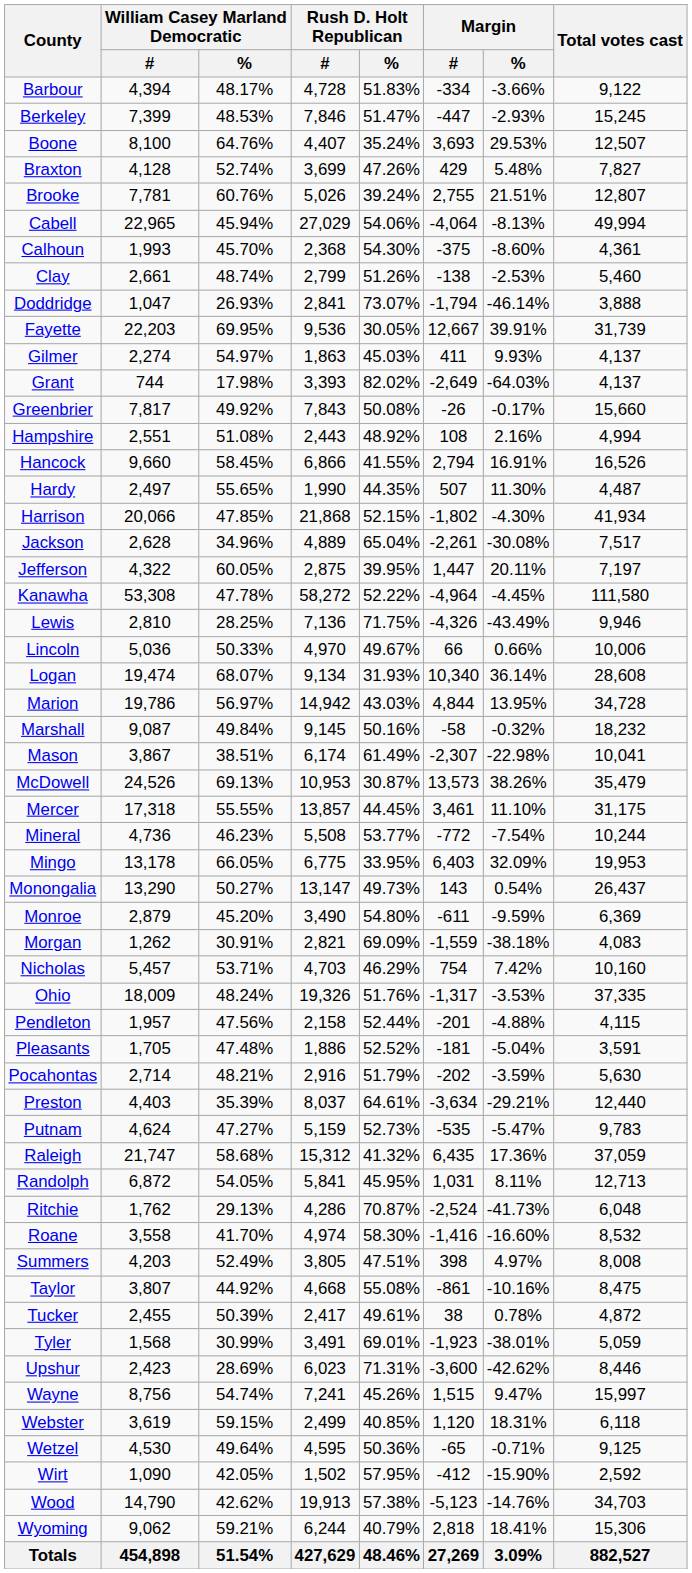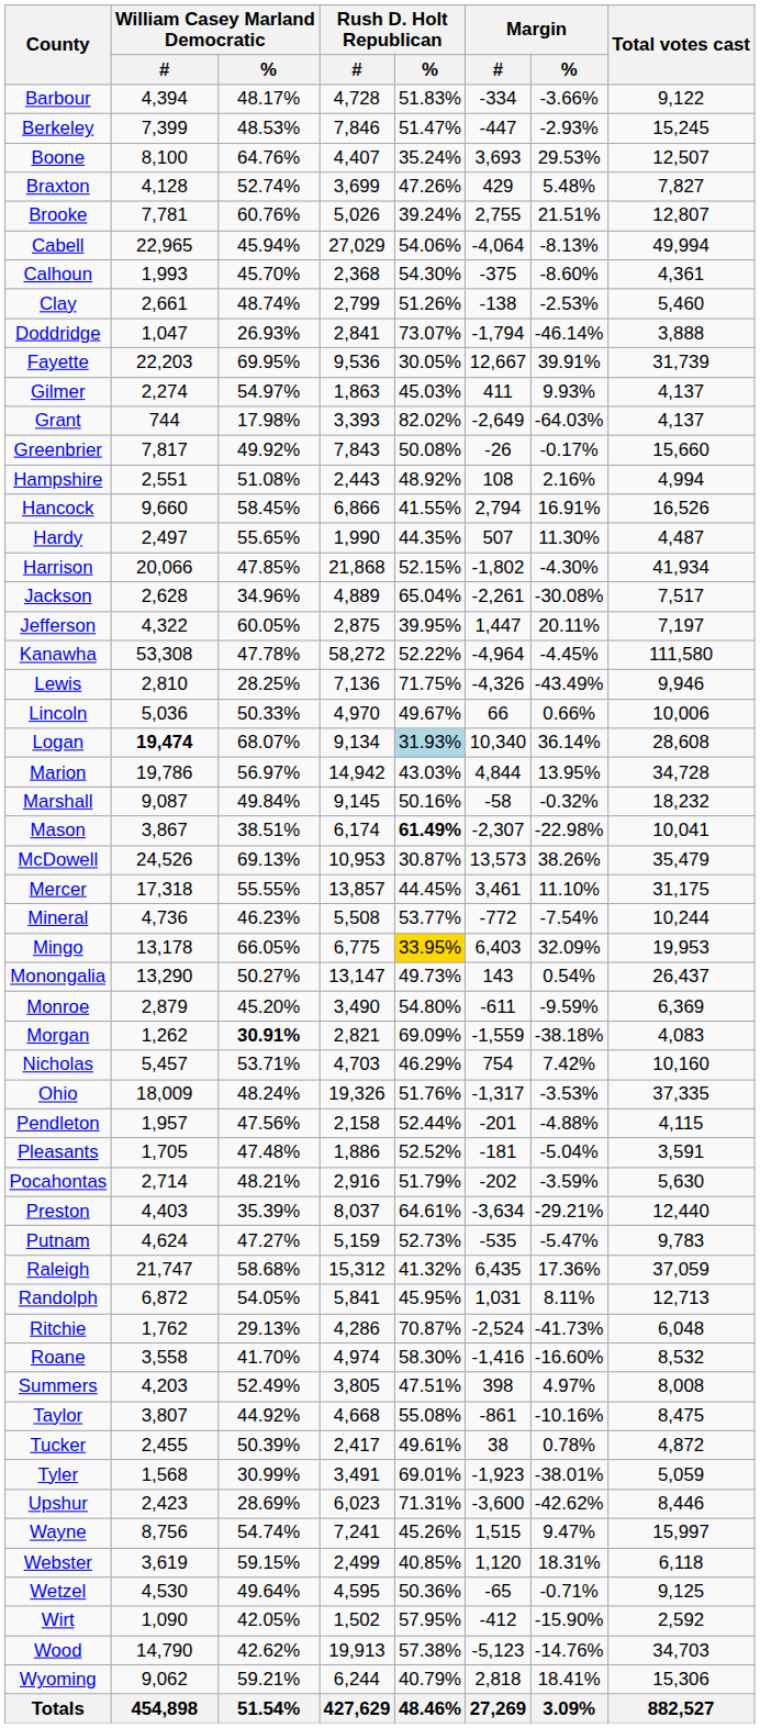 <table class="wikitable sortable">
 <tr>
 <th rowspan="2">County</th>
 <th colspan="2">William Casey Marland<br>Democratic</th>
 <th colspan="2">Rush D. Holt<br>Republican</th>
 <th colspan="2">Margin</th>
 <th rowspan="2">Total votes cast</th>
 </tr>
 <tr>
 <th data-sort-type="number">#</th>
 <th data-sort-type="number">%</th>
 <th data-sort-type="number">#</th>
 <th data-sort-type="number">%</th>
 <th data-sort-type="number">#</th>
 <th data-sort-type="number">%</th>
 </tr>
 <tr style="text-align:center;">
 <td><a href='#'>Barbour</a></td>
 <td>4,394</td>
 <td>48.17%</td>
 <td>4,728</td>
 <td>51.83%</td>
 <td>-334</td>
 <td>-3.66%</td>
 <td>9,122</td>
 </tr>
 <tr style="text-align:center;">
 <td><a href='#'>Berkeley</a></td>
 <td>7,399</td>
 <td>48.53%</td>
 <td>7,846</td>
 <td>51.47%</td>
 <td>-447</td>
 <td>-2.93%</td>
 <td>15,245</td>
 </tr>
 <tr style="text-align:center;">
 <td><a href='#'>Boone</a></td>
 <td>8,100</td>
 <td>64.76%</td>
 <td>4,407</td>
 <td>35.24%</td>
 <td>3,693</td>
 <td>29.53%</td>
 <td>12,507</td>
 </tr>
 <tr style="text-align:center;">
 <td><a href='#'>Braxton</a></td>
 <td>4,128</td>
 <td>52.74%</td>
 <td>3,699</td>
 <td>47.26%</td>
 <td>429</td>
 <td>5.48%</td>
 <td>7,827</td>
 </tr>
 <tr style="text-align:center;">
 <td><a href='#'>Brooke</a></td>
 <td>7,781</td>
 <td>60.76%</td>
 <td>5,026</td>
 <td>39.24%</td>
 <td>2,755</td>
 <td>21.51%</td>
 <td>12,807</td>
 </tr>
 <tr style="text-align:center;">
 <td><a href='#'>Cabell</a></td>
 <td>22,965</td>
 <td>45.94%</td>
 <td>27,029</td>
 <td>54.06%</td>
 <td>-4,064</td>
 <td>-8.13%</td>
 <td>49,994</td>
 </tr>
 <tr style="text-align:center;">
 <td><a href='#'>Calhoun</a></td>
 <td>1,993</td>
 <td>45.70%</td>
 <td>2,368</td>
 <td>54.30%</td>
 <td>-375</td>
 <td>-8.60%</td>
 <td>4,361</td>
 </tr>
 <tr style="text-align:center;">
 <td><a href='#'>Clay</a></td>
 <td>2,661</td>
 <td>48.74%</td>
 <td>2,799</td>
 <td>51.26%</td>
 <td>-138</td>
 <td>-2.53%</td>
 <td>5,460</td>
 </tr>
 <tr style="text-align:center;">
 <td><a href='#'>Doddridge</a></td>
 <td>1,047</td>
 <td>26.93%</td>
 <td>2,841</td>
 <td>73.07%</td>
 <td>-1,794</td>
 <td>-46.14%</td>
 <td>3,888</td>
 </tr>
 <tr style="text-align:center;">
 <td><a href='#'>Fayette</a></td>
 <td>22,203</td>
 <td>69.95%</td>
 <td>9,536</td>
 <td>30.05%</td>
 <td>12,667</td>
 <td>39.91%</td>
 <td>31,739</td>
 </tr>
 <tr style="text-align:center;">
 <td><a href='#'>Gilmer</a></td>
 <td>2,274</td>
 <td>54.97%</td>
 <td>1,863</td>
 <td>45.03%</td>
 <td>411</td>
 <td>9.93%</td>
 <td>4,137</td>
 </tr>
 <tr style="text-align:center;">
 <td><a href='#'>Grant</a></td>
 <td>744</td>
 <td>17.98%</td>
 <td>3,393</td>
 <td>82.02%</td>
 <td>-2,649</td>
 <td>-64.03%</td>
 <td>4,137</td>
 </tr>
 <tr style="text-align:center;">
 <td><a href='#'>Greenbrier</a></td>
 <td>7,817</td>
 <td>49.92%</td>
 <td>7,843</td>
 <td>50.08%</td>
 <td>-26</td>
 <td>-0.17%</td>
 <td>15,660</td>
 </tr>
 <tr style="text-align:center;">
 <td><a href='#'>Hampshire</a></td>
 <td>2,551</td>
 <td>51.08%</td>
 <td>2,443</td>
 <td>48.92%</td>
 <td>108</td>
 <td>2.16%</td>
 <td>4,994</td>
 </tr>
 <tr style="text-align:center;">
 <td><a href='#'>Hancock</a></td>
 <td>9,660</td>
 <td>58.45%</td>
 <td>6,866</td>
 <td>41.55%</td>
 <td>2,794</td>
 <td>16.91%</td>
 <td>16,526</td>
 </tr>
 <tr style="text-align:center;">
 <td><a href='#'>Hardy</a></td>
 <td>2,497</td>
 <td>55.65%</td>
 <td>1,990</td>
 <td>44.35%</td>
 <td>507</td>
 <td>11.30%</td>
 <td>4,487</td>
 </tr>
 <tr style="text-align:center;">
 <td><a href='#'>Harrison</a></td>
 <td>20,066</td>
 <td>47.85%</td>
 <td>21,868</td>
 <td>52.15%</td>
 <td>-1,802</td>
 <td>-4.30%</td>
 <td>41,934</td>
 </tr>
 <tr style="text-align:center;">
 <td><a href='#'>Jackson</a></td>
 <td>2,628</td>
 <td>34.96%</td>
 <td>4,889</td>
 <td>65.04%</td>
 <td>-2,261</td>
 <td>-30.08%</td>
 <td>7,517</td>
 </tr>
 <tr style="text-align:center;">
 <td><a href='#'>Jefferson</a></td>
 <td>4,322</td>
 <td>60.05%</td>
 <td>2,875</td>
 <td>39.95%</td>
 <td>1,447</td>
 <td>20.11%</td>
 <td>7,197</td>
 </tr>
 <tr style="text-align:center;">
 <td><a href='#'>Kanawha</a></td>
 <td>53,308</td>
 <td>47.78%</td>
 <td>58,272</td>
 <td>52.22%</td>
 <td>-4,964</td>
 <td>-4.45%</td>
 <td>111,580</td>
 </tr>
 <tr style="text-align:center;">
 <td><a href='#'>Lewis</a></td>
 <td>2,810</td>
 <td>28.25%</td>
 <td>7,136</td>
 <td>71.75%</td>
 <td>-4,326</td>
 <td>-43.49%</td>
 <td>9,946</td>
 </tr>
 <tr style="text-align:center;">
 <td><a href='#'>Lincoln</a></td>
 <td>5,036</td>
 <td>50.33%</td>
 <td>4,970</td>
 <td>49.67%</td>
 <td>66</td>
 <td>0.66%</td>
 <td>10,006</td>
 </tr>
 <tr style="text-align:center;">
 <td><a href='#'>Logan</a></td>
-<td>19,474</td>
+<td><strong>19,474</strong></td>
 <td>68.07%</td>
 <td>9,134</td>
-<td>31.93%</td>
+<td style="background: lightblue;">31.93%</td>
 <td>10,340</td>
 <td>36.14%</td>
 <td>28,608</td>
 </tr>
 <tr style="text-align:center;">
 <td><a href='#'>Marion</a></td>
 <td>19,786</td>
 <td>56.97%</td>
 <td>14,942</td>
 <td>43.03%</td>
 <td>4,844</td>
 <td>13.95%</td>
 <td>34,728</td>
 </tr>
 <tr style="text-align:center;">
 <td><a href='#'>Marshall</a></td>
 <td>9,087</td>
 <td>49.84%</td>
 <td>9,145</td>
 <td>50.16%</td>
 <td>-58</td>
 <td>-0.32%</td>
 <td>18,232</td>
 </tr>
 <tr style="text-align:center;">
 <td><a href='#'>Mason</a></td>
 <td>3,867</td>
 <td>38.51%</td>
 <td>6,174</td>
-<td>61.49%</td>
+<td><strong>61.49%</strong></td>
 <td>-2,307</td>
 <td>-22.98%</td>
 <td>10,041</td>
 </tr>
 <tr style="text-align:center;">
 <td><a href='#'>McDowell</a></td>
 <td>24,526</td>
 <td>69.13%</td>
 <td>10,953</td>
 <td>30.87%</td>
 <td>13,573</td>
 <td>38.26%</td>
 <td>35,479</td>
 </tr>
 <tr style="text-align:center;">
 <td><a href='#'>Mercer</a></td>
 <td>17,318</td>
 <td>55.55%</td>
 <td>13,857</td>
 <td>44.45%</td>
 <td>3,461</td>
 <td>11.10%</td>
 <td>31,175</td>
 </tr>
 <tr style="text-align:center;">
 <td><a href='#'>Mineral</a></td>
 <td>4,736</td>
 <td>46.23%</td>
 <td>5,508</td>
 <td>53.77%</td>
 <td>-772</td>
 <td>-7.54%</td>
 <td>10,244</td>
 </tr>
 <tr style="text-align:center;">
 <td><a href='#'>Mingo</a></td>
 <td>13,178</td>
 <td>66.05%</td>
 <td>6,775</td>
-<td>33.95%</td>
+<td style="background: gold;">33.95%</td>
 <td>6,403</td>
 <td>32.09%</td>
 <td>19,953</td>
 </tr>
 <tr style="text-align:center;">
 <td><a href='#'>Monongalia</a></td>
 <td>13,290</td>
 <td>50.27%</td>
 <td>13,147</td>
 <td>49.73%</td>
 <td>143</td>
 <td>0.54%</td>
 <td>26,437</td>
 </tr>
 <tr style="text-align:center;">
 <td><a href='#'>Monroe</a></td>
 <td>2,879</td>
 <td>45.20%</td>
 <td>3,490</td>
 <td>54.80%</td>
 <td>-611</td>
 <td>-9.59%</td>
 <td>6,369</td>
 </tr>
 <tr style="text-align:center;">
 <td><a href='#'>Morgan</a></td>
 <td>1,262</td>
-<td>30.91%</td>
+<td><strong>30.91%</strong></td>
 <td>2,821</td>
 <td>69.09%</td>
 <td>-1,559</td>
 <td>-38.18%</td>
 <td>4,083</td>
 </tr>
 <tr style="text-align:center;">
 <td><a href='#'>Nicholas</a></td>
 <td>5,457</td>
 <td>53.71%</td>
 <td>4,703</td>
 <td>46.29%</td>
 <td>754</td>
 <td>7.42%</td>
 <td>10,160</td>
 </tr>
 <tr style="text-align:center;">
 <td><a href='#'>Ohio</a></td>
 <td>18,009</td>
 <td>48.24%</td>
 <td>19,326</td>
 <td>51.76%</td>
 <td>-1,317</td>
 <td>-3.53%</td>
 <td>37,335</td>
 </tr>
 <tr style="text-align:center;">
 <td><a href='#'>Pendleton</a></td>
 <td>1,957</td>
 <td>47.56%</td>
 <td>2,158</td>
 <td>52.44%</td>
 <td>-201</td>
 <td>-4.88%</td>
 <td>4,115</td>
 </tr>
 <tr style="text-align:center;">
 <td><a href='#'>Pleasants</a></td>
 <td>1,705</td>
 <td>47.48%</td>
 <td>1,886</td>
 <td>52.52%</td>
 <td>-181</td>
 <td>-5.04%</td>
 <td>3,591</td>
 </tr>
 <tr style="text-align:center;">
 <td><a href='#'>Pocahontas</a></td>
 <td>2,714</td>
 <td>48.21%</td>
 <td>2,916</td>
 <td>51.79%</td>
 <td>-202</td>
 <td>-3.59%</td>
 <td>5,630</td>
 </tr>
 <tr style="text-align:center;">
 <td><a href='#'>Preston</a></td>
 <td>4,403</td>
 <td>35.39%</td>
 <td>8,037</td>
 <td>64.61%</td>
 <td>-3,634</td>
 <td>-29.21%</td>
 <td>12,440</td>
 </tr>
 <tr style="text-align:center;">
 <td><a href='#'>Putnam</a></td>
 <td>4,624</td>
 <td>47.27%</td>
 <td>5,159</td>
 <td>52.73%</td>
 <td>-535</td>
 <td>-5.47%</td>
 <td>9,783</td>
 </tr>
 <tr style="text-align:center;">
 <td><a href='#'>Raleigh</a></td>
 <td>21,747</td>
 <td>58.68%</td>
 <td>15,312</td>
 <td>41.32%</td>
 <td>6,435</td>
 <td>17.36%</td>
 <td>37,059</td>
 </tr>
 <tr style="text-align:center;">
 <td><a href='#'>Randolph</a></td>
 <td>6,872</td>
 <td>54.05%</td>
 <td>5,841</td>
 <td>45.95%</td>
 <td>1,031</td>
 <td>8.11%</td>
 <td>12,713</td>
 </tr>
 <tr style="text-align:center;">
 <td><a href='#'>Ritchie</a></td>
 <td>1,762</td>
 <td>29.13%</td>
 <td>4,286</td>
 <td>70.87%</td>
 <td>-2,524</td>
 <td>-41.73%</td>
 <td>6,048</td>
 </tr>
 <tr style="text-align:center;">
 <td><a href='#'>Roane</a></td>
 <td>3,558</td>
 <td>41.70%</td>
 <td>4,974</td>
 <td>58.30%</td>
 <td>-1,416</td>
 <td>-16.60%</td>
 <td>8,532</td>
 </tr>
 <tr style="text-align:center;">
 <td><a href='#'>Summers</a></td>
 <td>4,203</td>
 <td>52.49%</td>
 <td>3,805</td>
 <td>47.51%</td>
 <td>398</td>
 <td>4.97%</td>
 <td>8,008</td>
 </tr>
 <tr style="text-align:center;">
 <td><a href='#'>Taylor</a></td>
 <td>3,807</td>
 <td>44.92%</td>
 <td>4,668</td>
 <td>55.08%</td>
 <td>-861</td>
 <td>-10.16%</td>
 <td>8,475</td>
 </tr>
 <tr style="text-align:center;">
 <td><a href='#'>Tucker</a></td>
 <td>2,455</td>
 <td>50.39%</td>
 <td>2,417</td>
 <td>49.61%</td>
 <td>38</td>
 <td>0.78%</td>
 <td>4,872</td>
 </tr>
 <tr style="text-align:center;">
 <td><a href='#'>Tyler</a></td>
 <td>1,568</td>
 <td>30.99%</td>
 <td>3,491</td>
 <td>69.01%</td>
 <td>-1,923</td>
 <td>-38.01%</td>
 <td>5,059</td>
 </tr>
 <tr style="text-align:center;">
 <td><a href='#'>Upshur</a></td>
 <td>2,423</td>
 <td>28.69%</td>
 <td>6,023</td>
 <td>71.31%</td>
 <td>-3,600</td>
 <td>-42.62%</td>
 <td>8,446</td>
 </tr>
 <tr style="text-align:center;">
 <td><a href='#'>Wayne</a></td>
 <td>8,756</td>
 <td>54.74%</td>
 <td>7,241</td>
 <td>45.26%</td>
 <td>1,515</td>
 <td>9.47%</td>
 <td>15,997</td>
 </tr>
 <tr style="text-align:center;">
 <td><a href='#'>Webster</a></td>
 <td>3,619</td>
 <td>59.15%</td>
 <td>2,499</td>
 <td>40.85%</td>
 <td>1,120</td>
 <td>18.31%</td>
 <td>6,118</td>
 </tr>
 <tr style="text-align:center;">
 <td><a href='#'>Wetzel</a></td>
 <td>4,530</td>
 <td>49.64%</td>
 <td>4,595</td>
 <td>50.36%</td>
 <td>-65</td>
 <td>-0.71%</td>
 <td>9,125</td>
 </tr>
 <tr style="text-align:center;">
 <td><a href='#'>Wirt</a></td>
 <td>1,090</td>
 <td>42.05%</td>
 <td>1,502</td>
 <td>57.95%</td>
 <td>-412</td>
 <td>-15.90%</td>
 <td>2,592</td>
 </tr>
 <tr style="text-align:center;">
 <td><a href='#'>Wood</a></td>
 <td>14,790</td>
 <td>42.62%</td>
 <td>19,913</td>
 <td>57.38%</td>
 <td>-5,123</td>
 <td>-14.76%</td>
 <td>34,703</td>
 </tr>
 <tr style="text-align:center;">
 <td><a href='#'>Wyoming</a></td>
 <td>9,062</td>
 <td>59.21%</td>
 <td>6,244</td>
 <td>40.79%</td>
 <td>2,818</td>
 <td>18.41%</td>
 <td>15,306</td>
 </tr>
 <tr>
 <th>Totals</th>
 <th>454,898</th>
 <th>51.54%</th>
 <th>427,629</th>
 <th>48.46%</th>
 <th>27,269</th>
 <th>3.09%</th>
 <th>882,527</th>
 </tr>
 </table>
